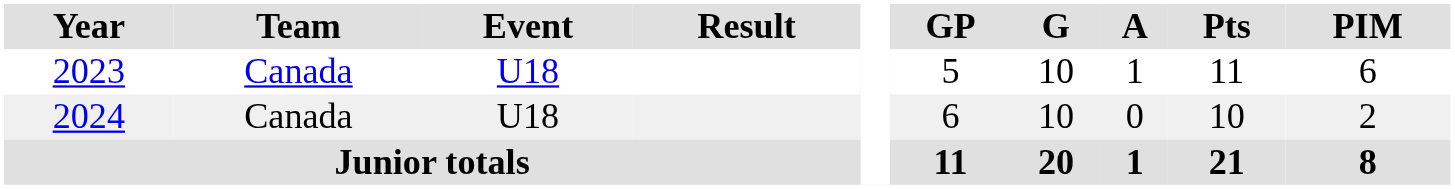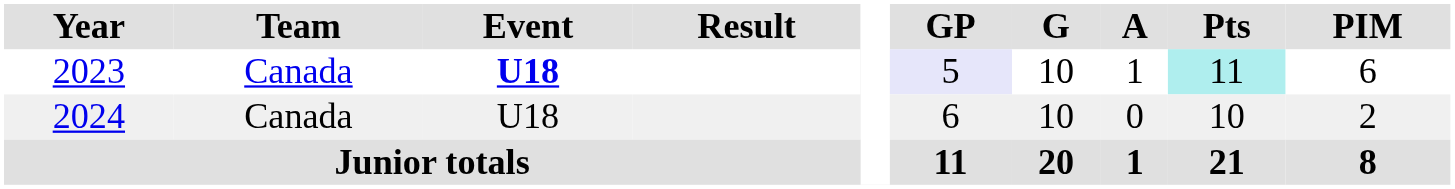 <table border="0" cellpadding="1" cellspacing="0" style="text-align:center; width:40em">
 <tr ALIGN="centre" bgcolor="#e0e0e0">
 <th>Year</th>
 <th>Team</th>
 <th>Event</th>
 <th>Result</th>
 <th rowspan="97" bgcolor="#ffffff"> </th>
 <th>GP</th>
 <th>G</th>
 <th>A</th>
 <th>Pts</th>
 <th>PIM</th>
 </tr>
 <tr>
 <td><a href='#'>2023</a></td>
 <td><a href='#'>Canada</a></td>
-<td><a href='#'>U18</a></td>
+<td><strong><a href='#'>U18</a></strong></td>
 <td></td>
-<td>5</td>
+<td style="background: lavender;">5</td>
 <td>10</td>
 <td>1</td>
-<td>11</td>
+<td style="background: paleturquoise;">11</td>
 <td>6</td>
 </tr>
 <tr bgcolor="f0f0f0">
 <td><a href='#'>2024</a></td>
 <td>Canada</td>
 <td>U18</td>
 <td></td>
 <td>6</td>
 <td>10</td>
 <td>0</td>
 <td>10</td>
 <td>2</td>
 </tr>
 <tr bgcolor="e0e0e0">
 <th colspan="4">Junior totals</th>
 <th>11</th>
 <th>20</th>
 <th>1</th>
 <th>21</th>
 <th>8</th>
 </tr>
 </table>
